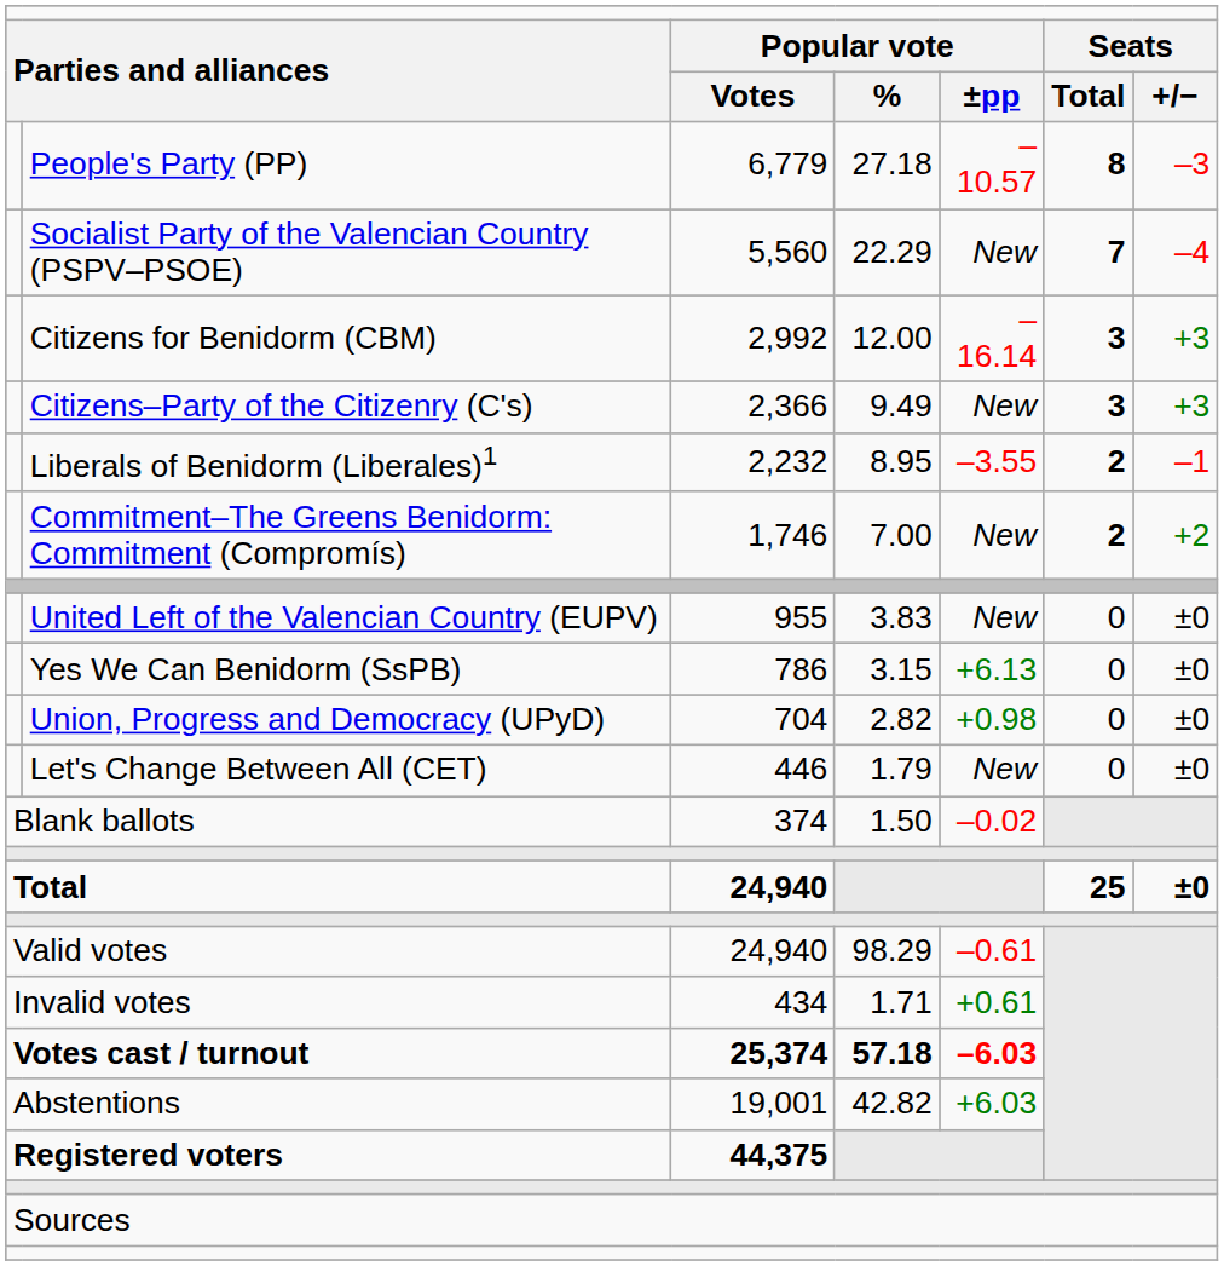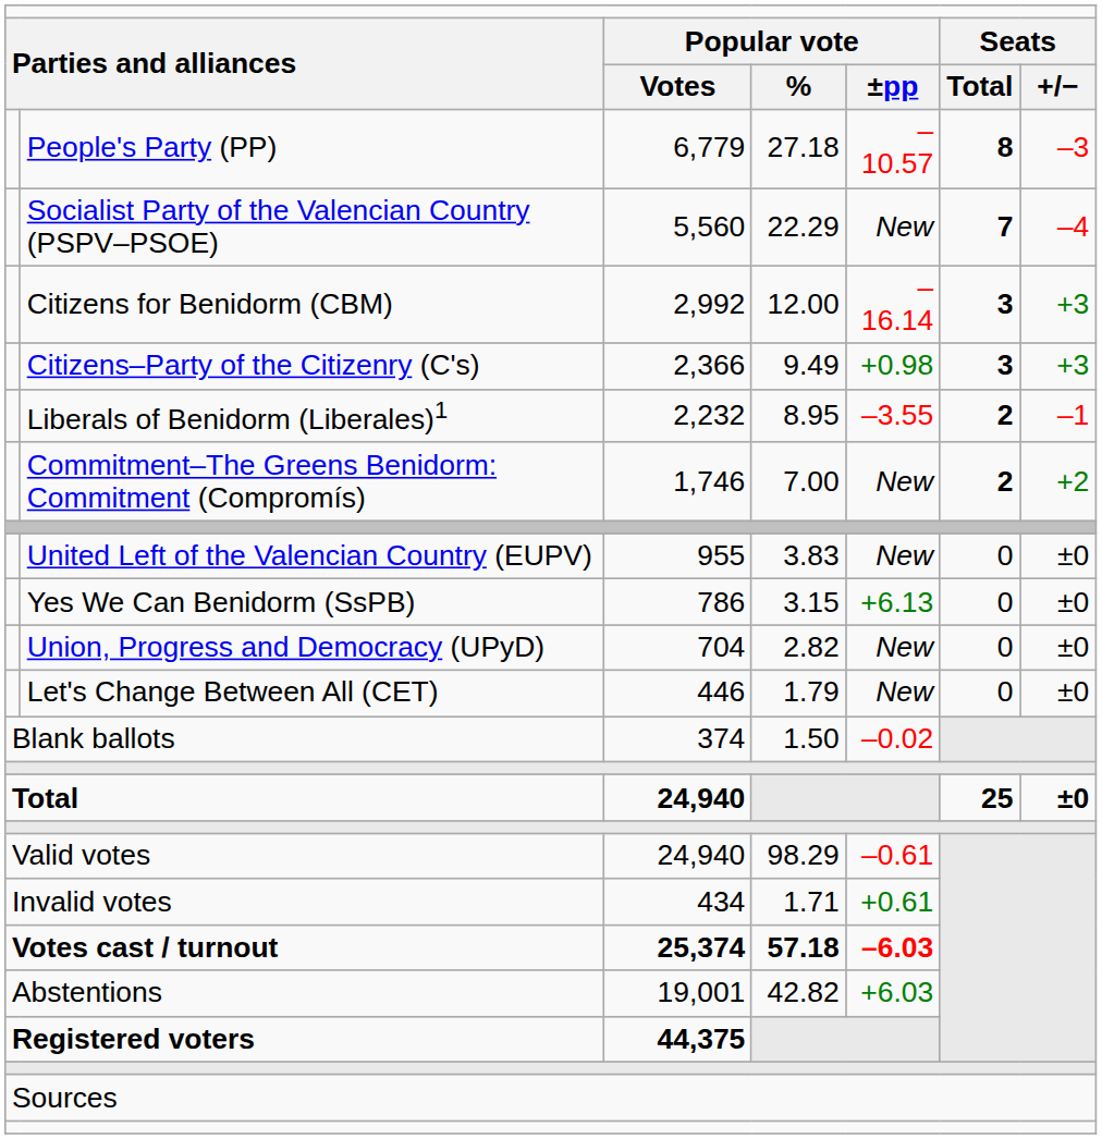 <table class="wikitable" style="text-align:right;">
 <tr>
 <td colspan="7"></td>
 </tr>
 <tr>
 <th style="text-align:left;" rowspan="2" colspan="2" width="525">Parties and alliances</th>
 <th colspan="3">Popular vote</th>
 <th colspan="2">Seats</th>
 </tr>
 <tr>
 <th width="75">Votes</th>
 <th width="45">%</th>
 <th width="45">±<a href='#'>pp</a></th>
 <th width="35">Total</th>
 <th width="35">+/−</th>
 </tr>
 <tr>
 <td width="1" style="color:inherit;background:"></td>
 <td align="left"><a href='#'>People's Party</a> (PP)</td>
 <td>6,779</td>
 <td>27.18</td>
 <td style="color:red;">–10.57</td>
 <td><strong>8</strong></td>
 <td style="color:red;">–3</td>
 </tr>
 <tr>
 <td style="color:inherit;background:"></td>
 <td align="left"><a href='#'>Socialist Party of the Valencian Country</a> (PSPV–PSOE)</td>
 <td>5,560</td>
 <td>22.29</td>
 <td><em>New</em></td>
 <td><strong>7</strong></td>
 <td style="color:red;">–4</td>
 </tr>
 <tr>
 <td style="color:inherit;background:"></td>
 <td align="left">Citizens for Benidorm (CBM)</td>
 <td>2,992</td>
 <td>12.00</td>
 <td style="color:red;">–16.14</td>
 <td><strong>3</strong></td>
 <td style="color:green;">+3</td>
 </tr>
 <tr>
 <td style="color:inherit;background:"></td>
 <td align="left"><a href='#'>Citizens–Party of the Citizenry</a> (C's)</td>
 <td>2,366</td>
 <td>9.49</td>
-<td><em>New</em></td>
+<td style="color:green;">+0.98</td>
 <td><strong>3</strong></td>
 <td style="color:green;">+3</td>
 </tr>
 <tr>
 <td style="color:inherit;background:"></td>
 <td align="left">Liberals of Benidorm (Liberales)<sup>1</sup></td>
 <td>2,232</td>
 <td>8.95</td>
 <td style="color:red;">–3.55</td>
 <td><strong>2</strong></td>
 <td style="color:red;">–1</td>
 </tr>
 <tr>
 <td style="color:inherit;background:"></td>
 <td align="left"><a href='#'>Commitment–The Greens Benidorm: Commitment</a> (Compromís)</td>
 <td>1,746</td>
 <td>7.00</td>
 <td><em>New</em></td>
 <td><strong>2</strong></td>
 <td style="color:green;">+2</td>
 </tr>
 <tr>
 <td colspan="7" bgcolor="#C0C0C0"></td>
 </tr>
 <tr>
 <td style="color:inherit;background:"></td>
 <td align="left"><a href='#'>United Left of the Valencian Country</a> (EUPV)</td>
 <td>955</td>
 <td>3.83</td>
 <td><em>New</em></td>
 <td>0</td>
 <td>±0</td>
 </tr>
 <tr>
 <td style="color:inherit;background:"></td>
 <td align="left">Yes We Can Benidorm (SsPB)</td>
 <td>786</td>
 <td>3.15</td>
 <td style="color:green;">+6.13</td>
 <td>0</td>
 <td>±0</td>
 </tr>
 <tr>
 <td style="color:inherit;background:"></td>
 <td align="left"><a href='#'>Union, Progress and Democracy</a> (UPyD)</td>
 <td>704</td>
 <td>2.82</td>
-<td style="color:green;">+0.98</td>
+<td><em>New</em></td>
 <td>0</td>
 <td>±0</td>
 </tr>
 <tr>
 <td style="color:inherit;background:"></td>
 <td align="left">Let's Change Between All (CET)</td>
 <td>446</td>
 <td>1.79</td>
 <td><em>New</em></td>
 <td>0</td>
 <td>±0</td>
 </tr>
 <tr>
 <td align="left" colspan="2">Blank ballots</td>
 <td>374</td>
 <td>1.50</td>
 <td style="color:red;">–0.02</td>
 <td bgcolor="#E9E9E9" colspan="2"></td>
 </tr>
 <tr>
 <td colspan="7" bgcolor="#E9E9E9"></td>
 </tr>
 <tr style="font-weight:bold;">
 <td align="left" colspan="2">Total</td>
 <td>24,940</td>
 <td bgcolor="#E9E9E9" colspan="2"></td>
 <td>25</td>
 <td>±0</td>
 </tr>
 <tr>
 <td colspan="7" bgcolor="#E9E9E9"></td>
 </tr>
 <tr>
 <td align="left" colspan="2">Valid votes</td>
 <td>24,940</td>
 <td>98.29</td>
 <td style="color:red;">–0.61</td>
 <td bgcolor="#E9E9E9" colspan="2" rowspan="5"></td>
 </tr>
 <tr>
 <td align="left" colspan="2">Invalid votes</td>
 <td>434</td>
 <td>1.71</td>
 <td style="color:green;">+0.61</td>
 </tr>
 <tr style="font-weight:bold;">
 <td align="left" colspan="2">Votes cast / turnout</td>
 <td>25,374</td>
 <td>57.18</td>
 <td style="color:red;">–6.03</td>
 </tr>
 <tr>
 <td align="left" colspan="2">Abstentions</td>
 <td>19,001</td>
 <td>42.82</td>
 <td style="color:green;">+6.03</td>
 </tr>
 <tr style="font-weight:bold;">
 <td align="left" colspan="2">Registered voters</td>
 <td>44,375</td>
 <td bgcolor="#E9E9E9" colspan="2"></td>
 </tr>
 <tr>
 <td colspan="7" bgcolor="#E9E9E9"></td>
 </tr>
 <tr>
 <td align="left" colspan="7">Sources</td>
 </tr>
 <tr>
 <td colspan="7" style="text-align:left; max-width:790px;"></td>
 </tr>
 </table>
